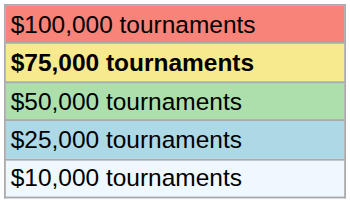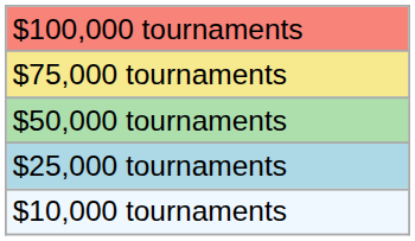 <table class="wikitable" style="font-size:85%;" width=15%>
 <tr bgcolor="#F88379">
 <td>$100,000 tournaments</td>
 </tr>
 <tr bgcolor="#F7E98E">
-<td><strong>$75,000 tournaments</strong></td>
+<td>$75,000 tournaments</td>
 </tr>
 <tr bgcolor="#ADDFAD">
 <td>$50,000 tournaments</td>
 </tr>
 <tr bgcolor="lightblue">
 <td>$25,000 tournaments</td>
 </tr>
 <tr bgcolor="#f0f8ff">
 <td>$10,000 tournaments</td>
 </tr>
 </table>
